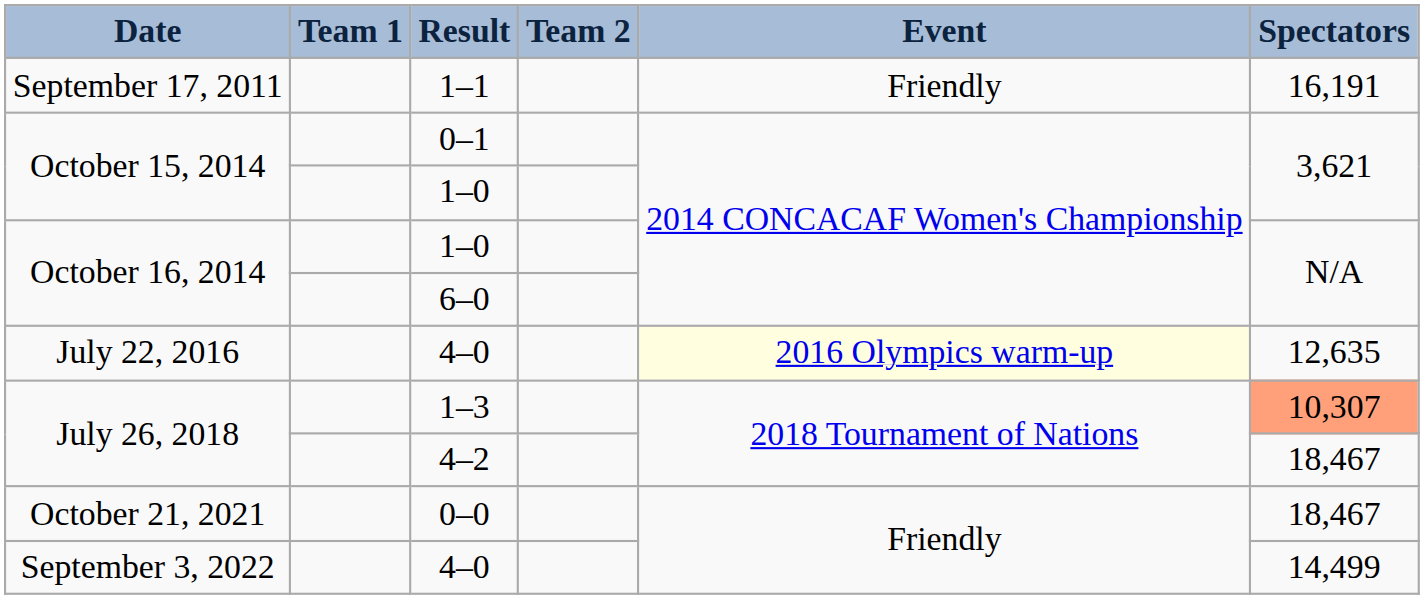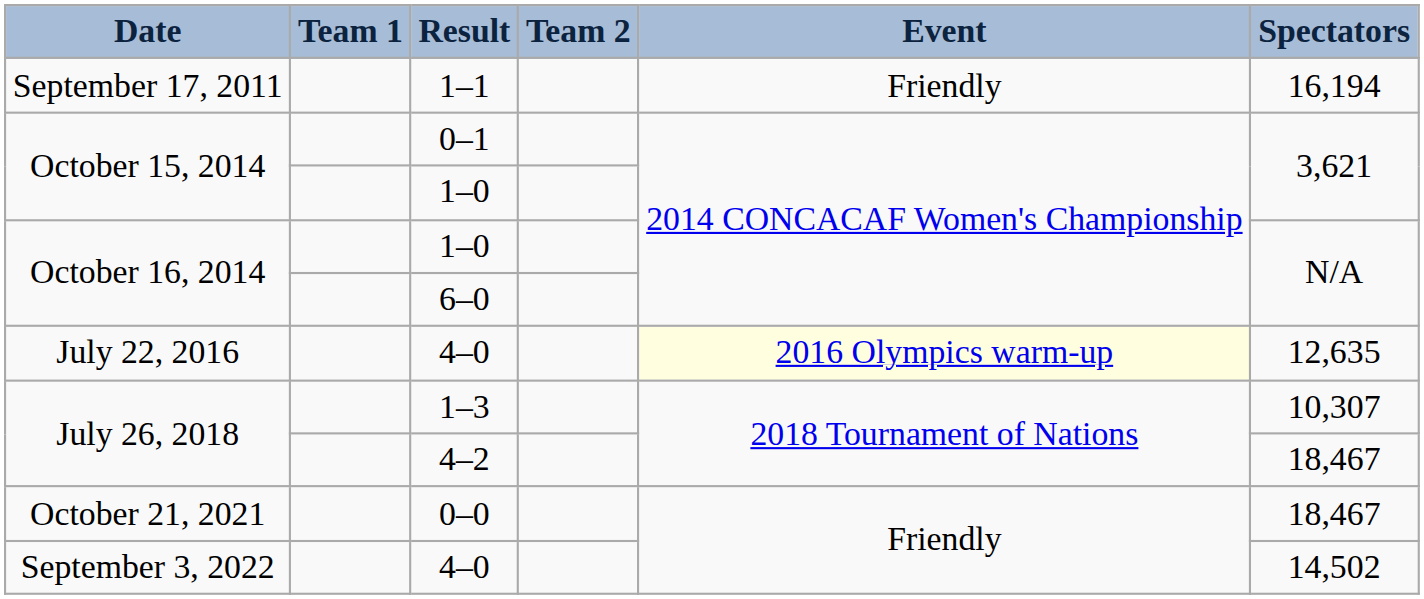 <table class="wikitable" style="text-align:center">
 <tr>
 <th style="text-align:center; background:#A7BCD6; color:#0C2340; ">Date</th>
 <th style="text-align:center; background:#A7BCD6; color:#0C2340; ">Team 1</th>
 <th style="text-align:center; background:#A7BCD6; color:#0C2340; ">Result</th>
 <th style="text-align:center; background:#A7BCD6; color:#0C2340; ">Team 2</th>
 <th style="text-align:center; background:#A7BCD6; color:#0C2340; ">Event</th>
 <th style="text-align:center; background:#A7BCD6; color:#0C2340; ">Spectators</th>
 </tr>
 <tr>
 <td>September 17, 2011</td>
 <td></td>
 <td style="text-align:center;">1–1</td>
 <td></td>
 <td>Friendly</td>
-<td style="text-align:center;">16,191</td>
+<td style="text-align:center;">16,194</td>
 </tr>
 <tr>
 <td rowspan="2">October 15, 2014</td>
 <td></td>
 <td style="text-align:center;">0–1</td>
 <td></td>
 <td rowspan="4"><a href='#'>2014 CONCACAF Women's Championship</a></td>
 <td rowspan=2 style="text-align:center;">3,621</td>
 </tr>
 <tr>
 <td></td>
 <td style="text-align:center;">1–0</td>
 <td></td>
 </tr>
 <tr>
 <td rowspan="2">October 16, 2014</td>
 <td></td>
 <td style="text-align:center;">1–0</td>
 <td></td>
 <td rowspan=2 style="text-align:center;">N/A</td>
 </tr>
 <tr>
 <td></td>
 <td style="text-align:center;">6–0</td>
 <td></td>
 </tr>
 <tr>
 <td>July 22, 2016</td>
 <td></td>
 <td style="text-align:center;">4–0</td>
 <td></td>
 <td style="background: lightyellow;"><a href='#'>2016 Olympics warm-up</a></td>
 <td style="text-align:center;">12,635</td>
 </tr>
 <tr>
 <td rowspan=2>July 26, 2018</td>
 <td></td>
 <td style="text-align:center;">1–3</td>
 <td></td>
 <td rowspan="2"><a href='#'>2018 Tournament of Nations</a></td>
-<td style="background: lightsalmon; text-align:center;">10,307</td>
+<td style="text-align:center;">10,307</td>
 </tr>
 <tr>
 <td></td>
 <td style="text-align:center;">4–2</td>
 <td></td>
 <td style="text-align:center;">18,467</td>
 </tr>
 <tr>
 <td>October 21, 2021</td>
 <td></td>
 <td style="text-align:center;">0–0</td>
 <td></td>
 <td rowspan="2">Friendly</td>
 <td style="text-align:center;">18,467</td>
 </tr>
 <tr>
 <td>September 3, 2022</td>
 <td></td>
 <td style="text-align:center;">4–0</td>
 <td></td>
-<td style="text-align:center;">14,499</td>
+<td style="text-align:center;">14,502</td>
 </tr>
 </table>
